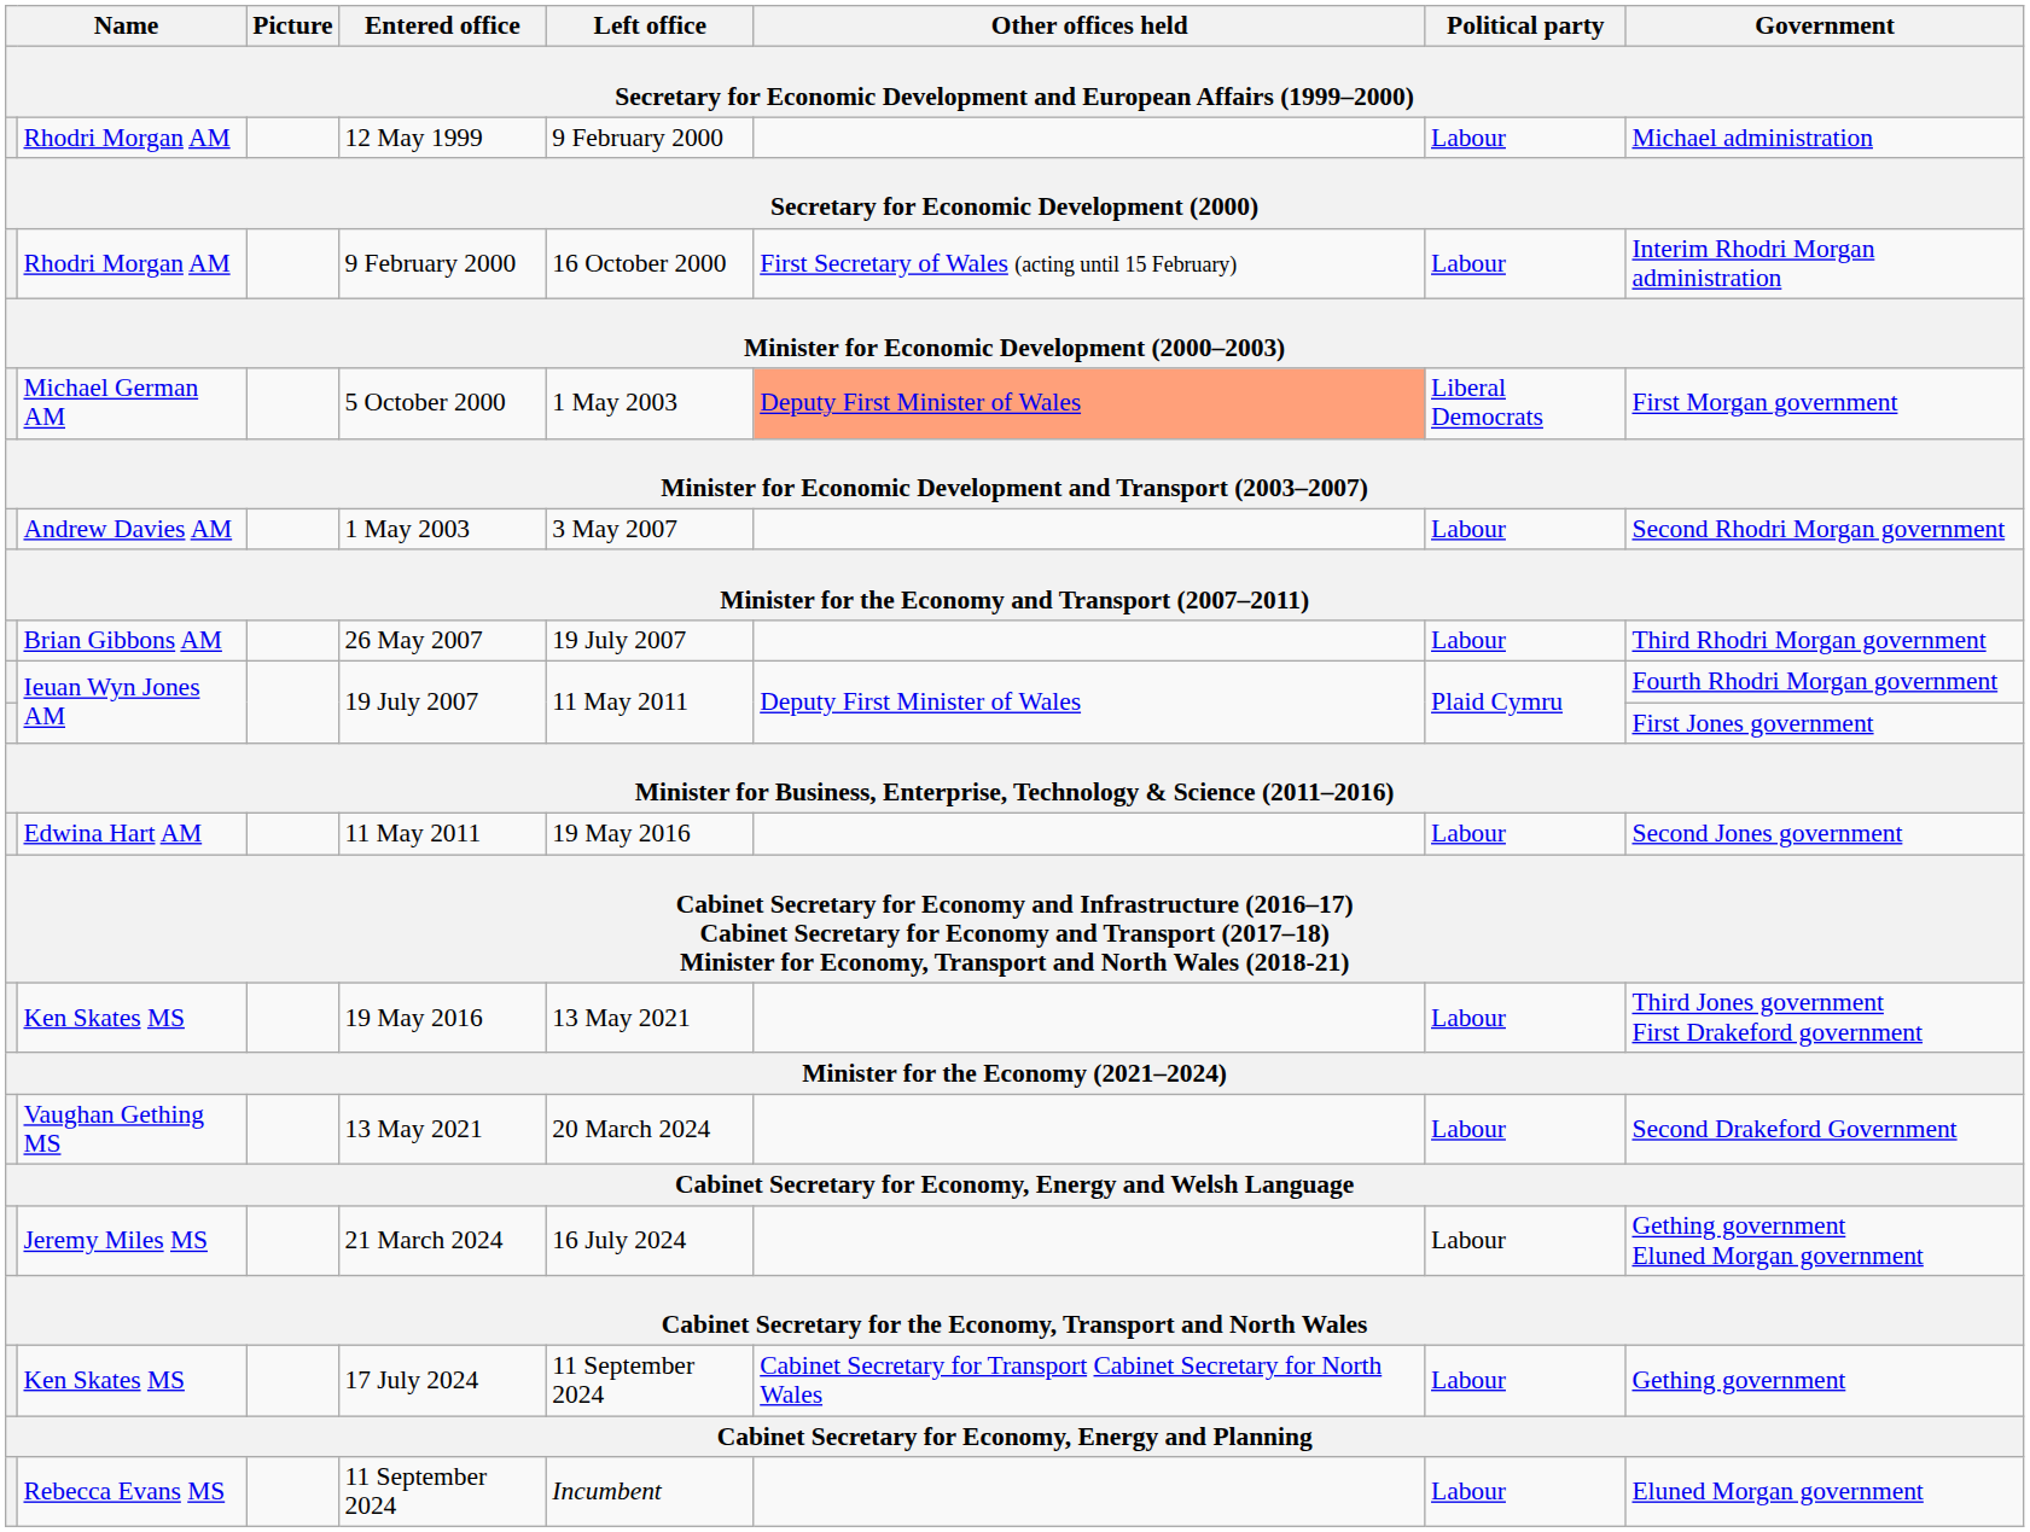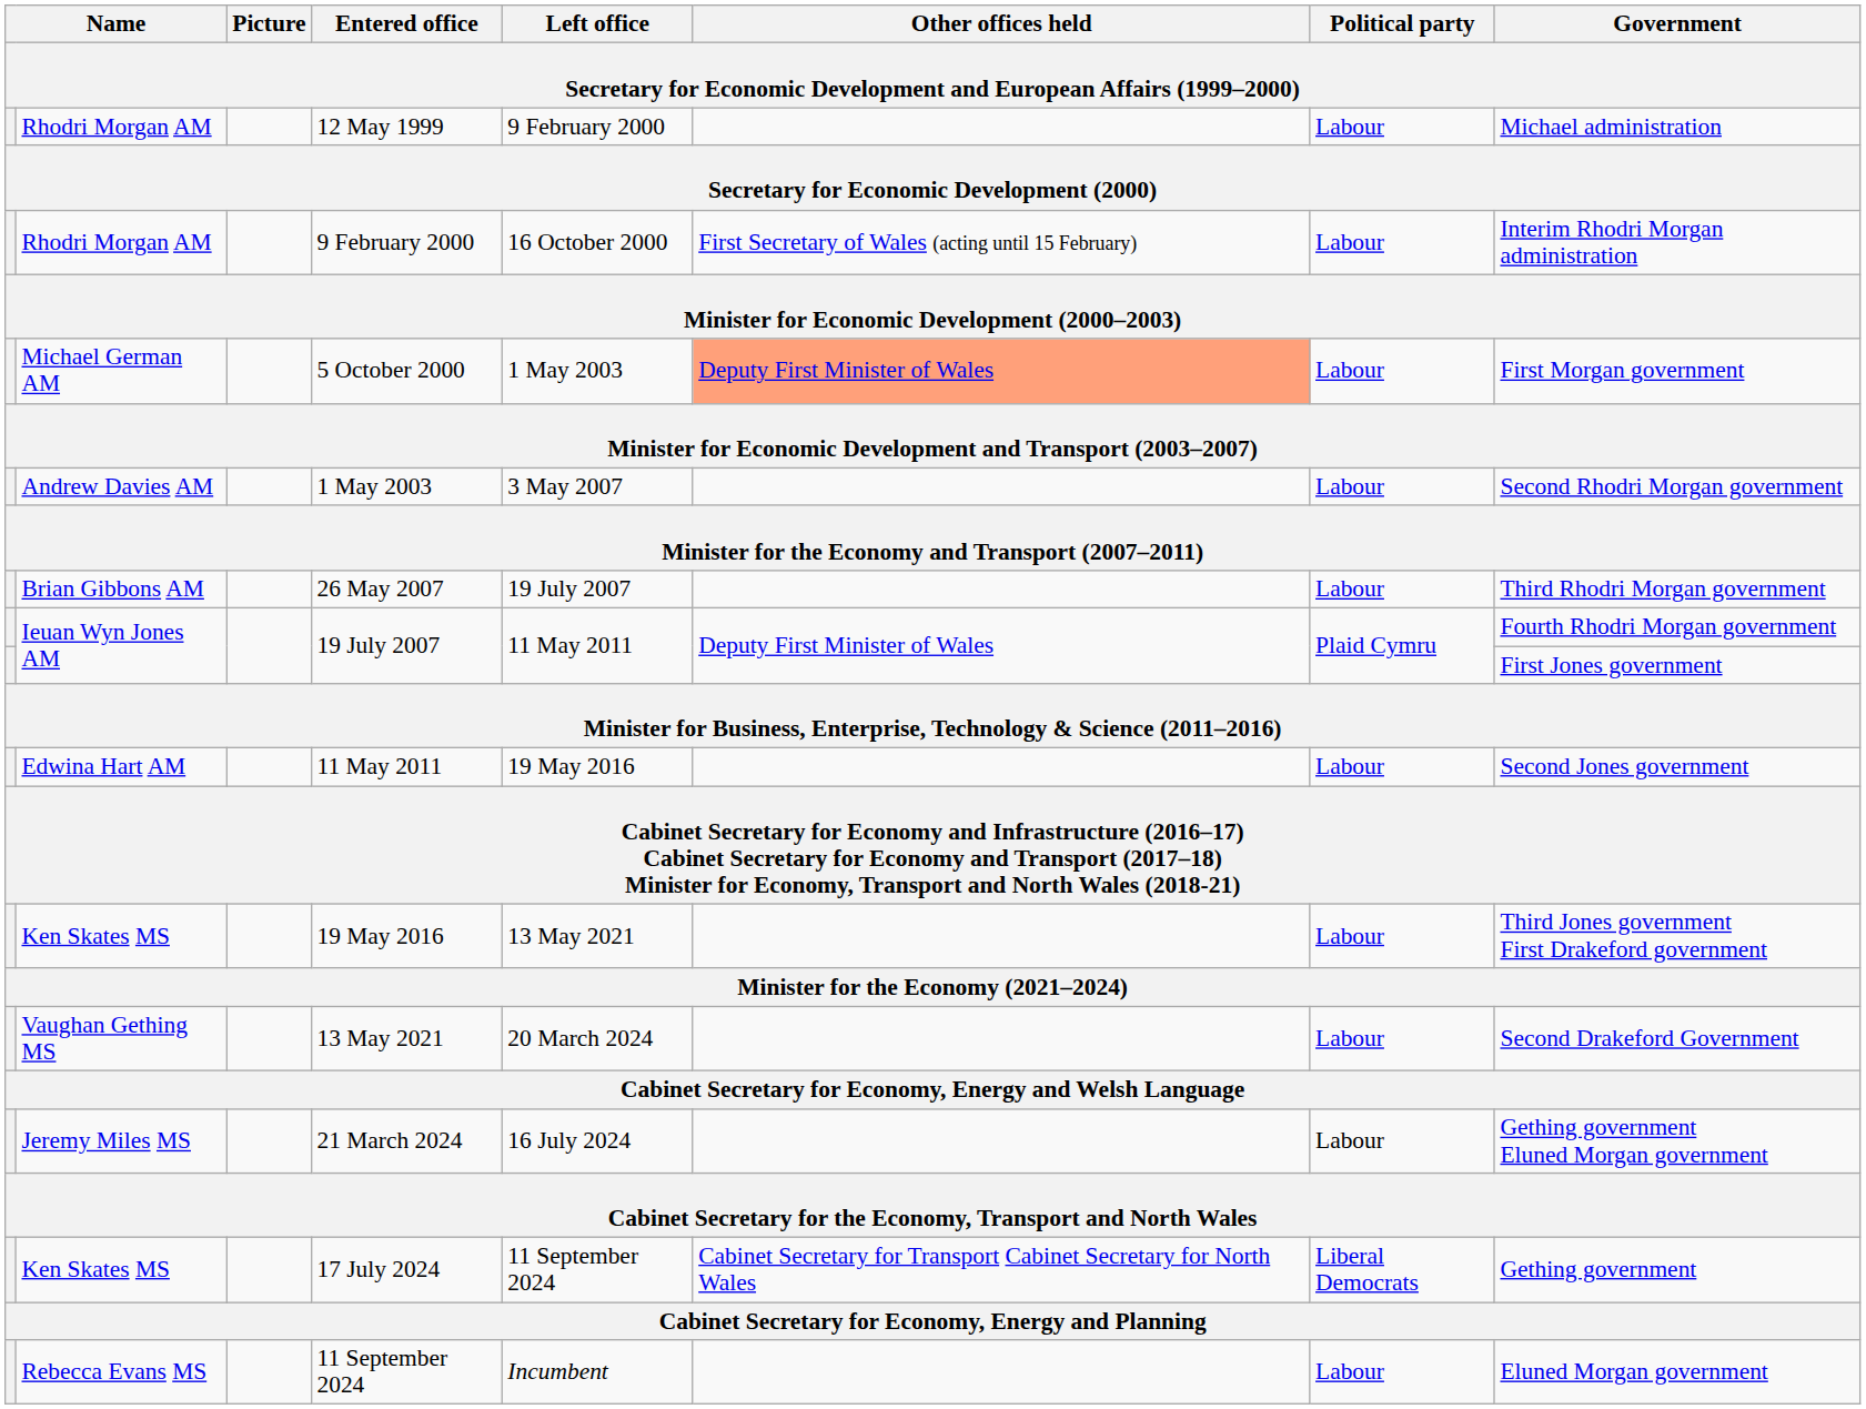 <table class="wikitable">
 <tr>
 <th colspan="2">Name</th>
 <th>Picture</th>
 <th>Entered office</th>
 <th>Left office</th>
 <th>Other offices held</th>
 <th>Political party</th>
 <th>Government</th>
 </tr>
 <tr>
 <th colspan="8"><br><strong>Secretary for Economic Development and European Affairs</strong> (1999–2000)</th>
 </tr>
 <tr>
 <th style="background-color:"></th>
 <td><a href='#'>Rhodri Morgan</a> <a href='#'>AM</a></td>
 <td></td>
 <td>12 May 1999</td>
 <td>9 February 2000</td>
 <td></td>
 <td><a href='#'>Labour</a></td>
 <td><a href='#'>Michael administration</a></td>
 </tr>
 <tr>
 <th colspan="8"><br><strong>Secretary for Economic Development (2000)</strong></th>
 </tr>
 <tr>
 <th style="background-color:"></th>
 <td><a href='#'>Rhodri Morgan</a> <a href='#'>AM</a></td>
 <td></td>
 <td>9 February 2000</td>
 <td>16 October 2000</td>
 <td><a href='#'>First Secretary of Wales</a> <small>(acting until 15 February)</small></td>
 <td><a href='#'>Labour</a></td>
 <td><a href='#'>Interim Rhodri Morgan administration</a></td>
 </tr>
 <tr>
 <th colspan="8"><br><strong>Minister for Economic Development (2000–2003)</strong></th>
 </tr>
 <tr>
 <th style="background-color:"></th>
 <td><a href='#'>Michael German</a> <a href='#'>AM</a></td>
 <td></td>
 <td>5 October 2000</td>
 <td>1 May 2003</td>
 <td style="background: lightsalmon;"><a href='#'>Deputy First Minister of Wales</a></td>
-<td><a href='#'>Liberal Democrats</a></td>
+<td><a href='#'>Labour</a></td>
 <td><a href='#'>First Morgan government</a></td>
 </tr>
 <tr>
 <th colspan="8"><br><strong>Minister for Economic Development and Transport (2003–2007)</strong></th>
 </tr>
 <tr>
 <th style="background-color:"></th>
 <td><a href='#'>Andrew Davies</a> <a href='#'>AM</a></td>
 <td></td>
 <td>1 May 2003</td>
 <td>3 May 2007</td>
 <td></td>
 <td><a href='#'>Labour</a></td>
 <td><a href='#'>Second Rhodri Morgan government</a></td>
 </tr>
 <tr>
 <th colspan="8"><br><strong>Minister for the Economy and Transport (2007–2011)</strong></th>
 </tr>
 <tr>
 <th style="background-color:"></th>
 <td><a href='#'>Brian Gibbons</a> <a href='#'>AM</a></td>
 <td></td>
 <td>26 May 2007</td>
 <td>19 July 2007</td>
 <td></td>
 <td><a href='#'>Labour</a></td>
 <td><a href='#'>Third Rhodri Morgan government</a></td>
 </tr>
 <tr>
 <th style="background-color:"></th>
 <td rowspan="2"><a href='#'>Ieuan Wyn Jones</a> <a href='#'>AM</a></td>
 <td rowspan="2"></td>
 <td rowspan="2">19 July 2007</td>
 <td rowspan="2">11 May 2011</td>
 <td rowspan="2"><a href='#'>Deputy First Minister of Wales</a></td>
 <td rowspan="2"><a href='#'>Plaid Cymru</a></td>
 <td><a href='#'>Fourth Rhodri Morgan government</a></td>
 </tr>
 <tr>
 <th style="background-color:"></th>
 <td><a href='#'>First Jones government</a></td>
 </tr>
 <tr>
 <th colspan="8"><br><strong>Minister for Business, Enterprise, Technology & Science (2011–2016)</strong></th>
 </tr>
 <tr>
 <th style="background-color:"></th>
 <td><a href='#'>Edwina Hart</a> <a href='#'>AM</a></td>
 <td></td>
 <td>11 May 2011</td>
 <td>19 May 2016</td>
 <td></td>
 <td><a href='#'>Labour</a></td>
 <td><a href='#'>Second Jones government</a></td>
 </tr>
 <tr>
 <th colspan="8"><br><strong>Cabinet Secretary for Economy and Infrastructure (2016–17)<br>Cabinet Secretary for Economy and Transport (2017–18)<br>Minister for Economy, Transport and North Wales (2018-21)</strong></th>
 </tr>
 <tr>
 <th style="background-color:"></th>
 <td><a href='#'>Ken Skates</a> <a href='#'>MS</a></td>
 <td></td>
 <td>19 May 2016</td>
 <td>13 May 2021</td>
 <td></td>
 <td><a href='#'>Labour</a></td>
 <td><a href='#'>Third Jones government</a><br><a href='#'>First Drakeford government</a></td>
 </tr>
 <tr>
 <th colspan="8"><strong>Minister for the Economy (2021–2024)</strong></th>
 </tr>
 <tr>
 <th style="background-color:"></th>
 <td><a href='#'>Vaughan Gething</a> <a href='#'>MS</a></td>
 <td></td>
 <td>13 May 2021</td>
 <td>20 March 2024</td>
 <td></td>
 <td><a href='#'>Labour</a></td>
 <td><a href='#'>Second Drakeford Government</a></td>
 </tr>
 <tr>
 <th colspan="8">Cabinet Secretary for Economy, Energy and Welsh Language</th>
 </tr>
 <tr>
 <th style="background-color:"></th>
 <td><a href='#'>Jeremy Miles</a> <a href='#'>MS</a></td>
 <td></td>
 <td>21 March 2024</td>
 <td>16 July 2024</td>
 <td></td>
 <td>Labour</td>
 <td><a href='#'>Gething government</a><br><a href='#'>Eluned Morgan government</a></td>
 </tr>
 <tr>
 <th colspan="8"><br><strong>Cabinet Secretary for the Economy, Transport and North Wales</strong></th>
 </tr>
 <tr>
 <th style="background-color:"></th>
 <td><a href='#'>Ken Skates</a> <a href='#'>MS</a></td>
 <td></td>
 <td>17 July 2024</td>
 <td>11 September 2024</td>
 <td><a href='#'>Cabinet Secretary for Transport</a> <a href='#'>Cabinet Secretary for North Wales</a></td>
-<td><a href='#'>Labour</a></td>
+<td><a href='#'>Liberal Democrats</a></td>
 <td><a href='#'>Gething government</a></td>
 </tr>
 <tr>
 <th colspan="8"><strong>Cabinet Secretary for Economy, Energy and Planning</strong></th>
 </tr>
 <tr>
 <th style="background-color:"></th>
 <td><a href='#'>Rebecca Evans</a> <a href='#'>MS</a></td>
 <td></td>
 <td>11 September 2024</td>
 <td><em>Incumbent</em></td>
 <td></td>
 <td><a href='#'>Labour</a></td>
 <td><a href='#'>Eluned Morgan government</a></td>
 </tr>
 </table>
